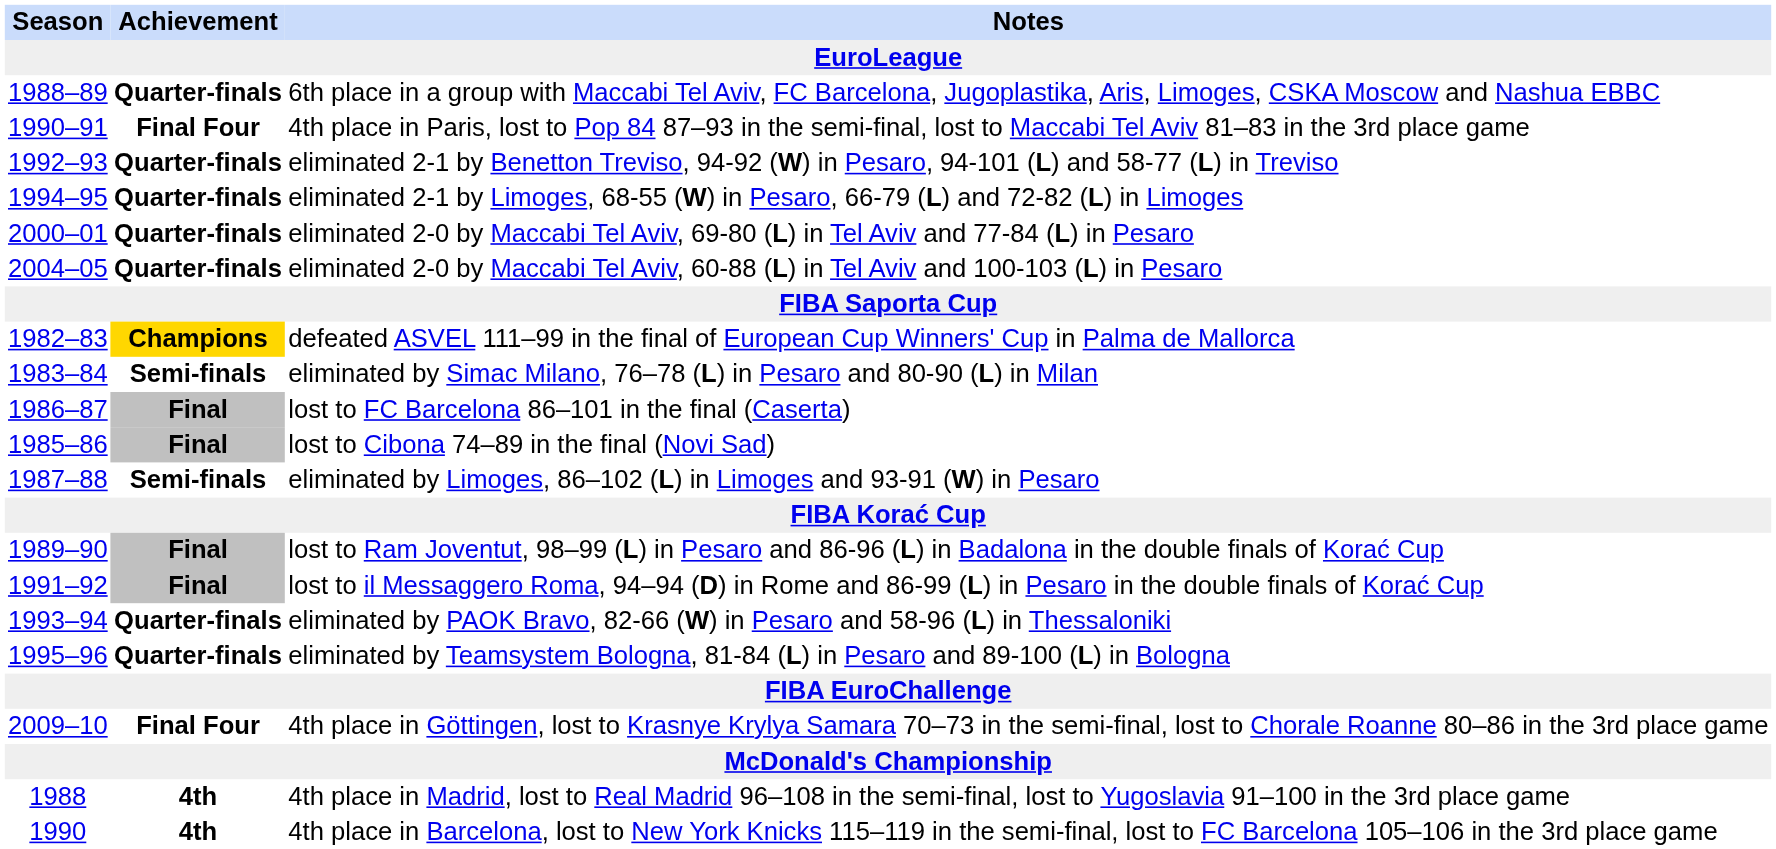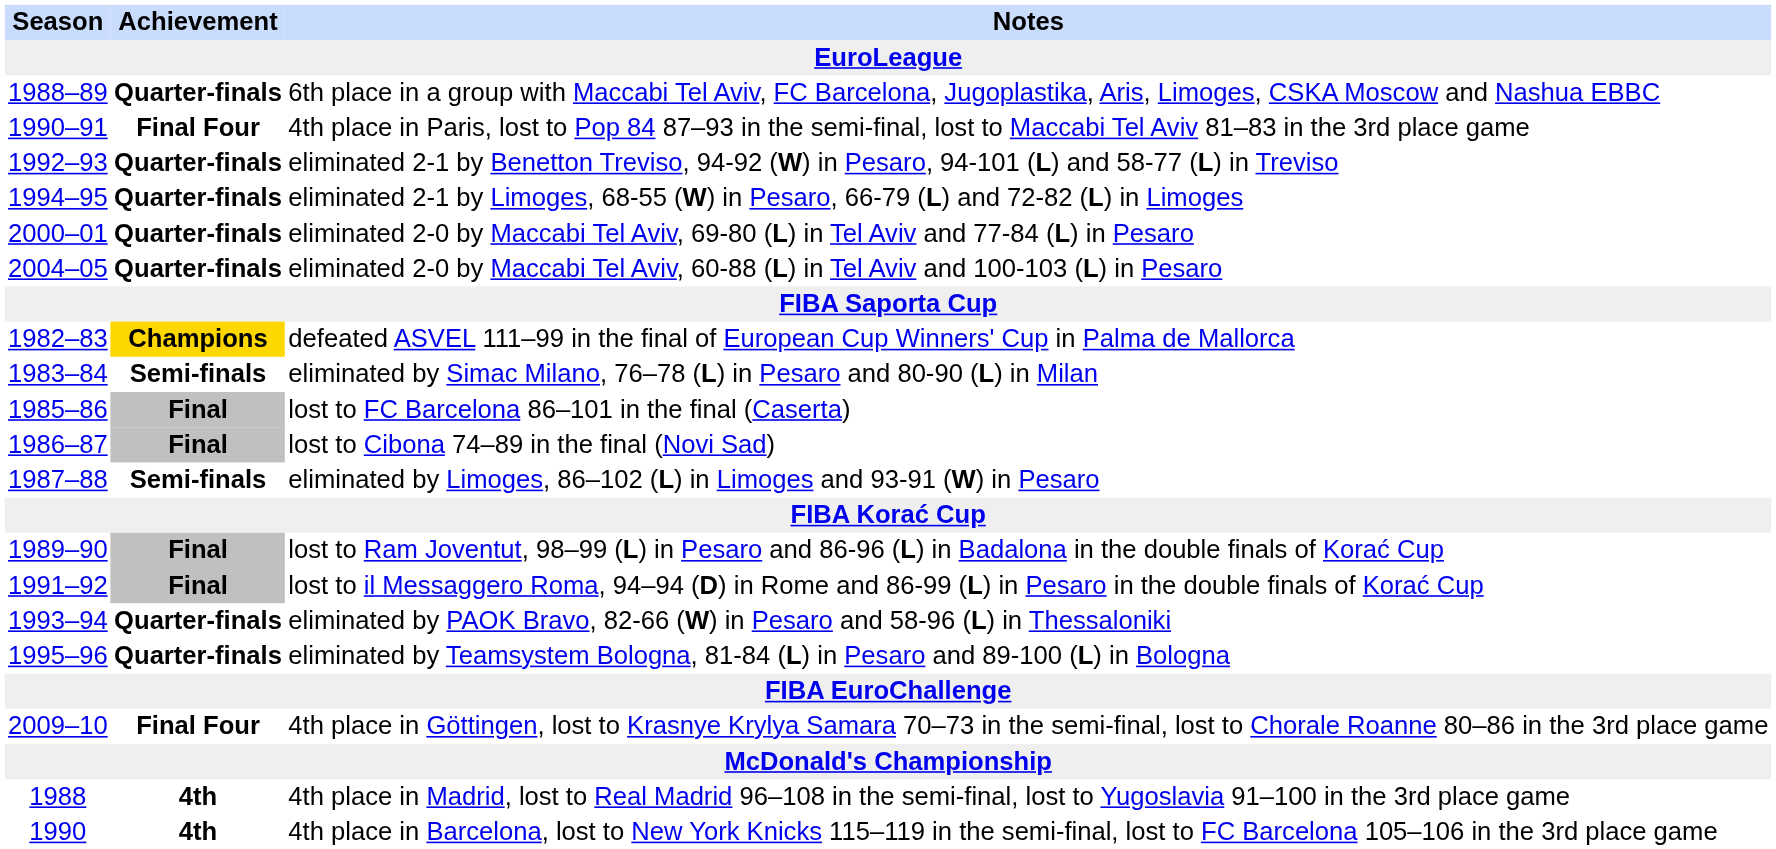 <table class="toccolours" border="0" cellpadding="2" cellspacing="0" align="left" style="margin:0.5em;">
 <tr bgcolor=#CADCFB>
 <th>Season</th>
 <th>Achievement</th>
 <th>Notes</th>
 </tr>
 <tr>
 <th colspan="4" bgcolor=#EFEFEF><a href='#'>EuroLeague</a></th>
 </tr>
 <tr>
 <td align="center"><a href='#'>1988–89</a></td>
 <td align="center"><strong>Quarter-finals</strong></td>
 <td align="left">6th place in a group with <a href='#'>Maccabi Tel Aviv</a>, <a href='#'>FC Barcelona</a>, <a href='#'>Jugoplastika</a>, <a href='#'>Aris</a>, <a href='#'>Limoges</a>, <a href='#'>CSKA Moscow</a> and <a href='#'>Nashua EBBC</a></td>
 </tr>
 <tr>
 <td align="center"><a href='#'>1990–91</a></td>
 <td align="center"><strong>Final Four</strong></td>
 <td align="left">4th place in Paris, lost to <a href='#'>Pop 84</a> 87–93 in the semi-final, lost to <a href='#'>Maccabi Tel Aviv</a> 81–83 in the 3rd place game</td>
 </tr>
 <tr>
 <td align="center"><a href='#'>1992–93</a></td>
 <td align="center"><strong>Quarter-finals</strong></td>
 <td align="left">eliminated 2-1 by <a href='#'>Benetton Treviso</a>, 94-92 (<strong>W</strong>) in <a href='#'>Pesaro</a>, 94-101 (<strong>L</strong>) and 58-77 (<strong>L</strong>) in <a href='#'>Treviso</a></td>
 </tr>
 <tr>
 <td align="center"><a href='#'>1994–95</a></td>
 <td align="center"><strong>Quarter-finals</strong></td>
 <td align="left">eliminated 2-1 by <a href='#'>Limoges</a>, 68-55 (<strong>W</strong>) in <a href='#'>Pesaro</a>, 66-79 (<strong>L</strong>) and 72-82 (<strong>L</strong>) in <a href='#'>Limoges</a></td>
 </tr>
 <tr>
 <td align="center"><a href='#'>2000–01</a></td>
 <td align="center"><strong>Quarter-finals</strong></td>
 <td align="left">eliminated 2-0 by <a href='#'>Maccabi Tel Aviv</a>, 69-80 (<strong>L</strong>) in <a href='#'>Tel Aviv</a> and 77-84 (<strong>L</strong>) in <a href='#'>Pesaro</a></td>
 </tr>
 <tr>
 <td align="center"><a href='#'>2004–05</a></td>
 <td align="center"><strong>Quarter-finals</strong></td>
 <td align="left">eliminated 2-0 by <a href='#'>Maccabi Tel Aviv</a>, 60-88 (<strong>L</strong>) in <a href='#'>Tel Aviv</a> and 100-103 (<strong>L</strong>) in <a href='#'>Pesaro</a></td>
 </tr>
 <tr>
 <th colspan="4" bgcolor=#EFEFEF><a href='#'>FIBA Saporta Cup</a></th>
 </tr>
 <tr>
 <td align="center"><a href='#'>1982–83</a></td>
 <td align="center" bgcolor="gold"><strong>Champions</strong></td>
 <td align="left">defeated <a href='#'>ASVEL</a> 111–99 in the final of <a href='#'>European Cup Winners' Cup</a> in <a href='#'>Palma de Mallorca</a></td>
 </tr>
 <tr>
 <td align="center"><a href='#'>1983–84</a></td>
 <td align="center"><strong>Semi-finals</strong></td>
 <td align="left">eliminated by <a href='#'>Simac Milano</a>, 76–78 (<strong>L</strong>) in <a href='#'>Pesaro</a> and 80-90 (<strong>L</strong>) in <a href='#'>Milan</a></td>
 </tr>
 <tr>
-<td align="center"><a href='#'>1986–87</a></td>
+<td align="center"><a href='#'>1985–86</a></td>
 <td align="center" bgcolor= silver><strong>Final</strong></td>
 <td align="left">lost to <a href='#'>FC Barcelona</a> 86–101 in the final (<a href='#'>Caserta</a>)</td>
 </tr>
 <tr>
-<td align="center"><a href='#'>1985–86</a></td>
+<td align="center"><a href='#'>1986–87</a></td>
 <td align="center" bgcolor= silver><strong>Final</strong></td>
 <td align="left">lost to <a href='#'>Cibona</a> 74–89 in the final (<a href='#'>Novi Sad</a>)</td>
 </tr>
 <tr>
 <td align="center"><a href='#'>1987–88</a></td>
 <td align="center"><strong>Semi-finals</strong></td>
 <td align="left">eliminated by <a href='#'>Limoges</a>, 86–102 (<strong>L</strong>) in <a href='#'>Limoges</a> and 93-91 (<strong>W</strong>) in <a href='#'>Pesaro</a></td>
 </tr>
 <tr>
 <th colspan="4" bgcolor=#EFEFEF><a href='#'>FIBA Korać Cup</a></th>
 </tr>
 <tr>
 <td align="center"><a href='#'>1989–90</a></td>
 <td align="center" bgcolor= silver><strong>Final</strong></td>
 <td align="left">lost to <a href='#'>Ram Joventut</a>, 98–99 (<strong>L</strong>) in <a href='#'>Pesaro</a> and 86-96 (<strong>L</strong>) in <a href='#'>Badalona</a> in the double finals of <a href='#'>Korać Cup</a></td>
 </tr>
 <tr>
 <td align="center"><a href='#'>1991–92</a></td>
 <td align="center" bgcolor= silver><strong>Final</strong></td>
 <td align="left">lost to <a href='#'>il Messaggero Roma</a>, 94–94 (<strong>D</strong>) in Rome and 86-99 (<strong>L</strong>) in <a href='#'>Pesaro</a> in the double finals of <a href='#'>Korać Cup</a></td>
 </tr>
 <tr>
 <td align="center"><a href='#'>1993–94</a></td>
 <td align="center"><strong>Quarter-finals</strong></td>
 <td align="left">eliminated by <a href='#'>PAOK Bravo</a>, 82-66 (<strong>W</strong>) in <a href='#'>Pesaro</a> and 58-96 (<strong>L</strong>) in <a href='#'>Thessaloniki</a></td>
 </tr>
 <tr>
 <td align="center"><a href='#'>1995–96</a></td>
 <td align="center"><strong>Quarter-finals</strong></td>
 <td align="left">eliminated by <a href='#'>Teamsystem Bologna</a>, 81-84 (<strong>L</strong>) in <a href='#'>Pesaro</a> and 89-100 (<strong>L</strong>) in <a href='#'>Bologna</a></td>
 </tr>
 <tr>
 <th colspan="4" bgcolor=#EFEFEF><a href='#'>FIBA EuroChallenge</a></th>
 </tr>
 <tr>
 <td align="center"><a href='#'>2009–10</a></td>
 <td align="center"><strong>Final Four</strong></td>
 <td align="left">4th place in <a href='#'>Göttingen</a>, lost to <a href='#'>Krasnye Krylya Samara</a> 70–73 in the semi-final, lost to <a href='#'>Chorale Roanne</a> 80–86 in the 3rd place game</td>
 </tr>
 <tr>
 <th colspan="4" bgcolor=#EFEFEF><a href='#'>McDonald's Championship</a></th>
 </tr>
 <tr>
 <td align="center"><a href='#'>1988</a></td>
 <td align="center"><strong>4th</strong></td>
 <td align="left">4th place in <a href='#'>Madrid</a>, lost to <a href='#'>Real Madrid</a> 96–108 in the semi-final, lost to <a href='#'>Yugoslavia</a> 91–100 in the 3rd place game</td>
 </tr>
 <tr>
 <td align="center"><a href='#'>1990</a></td>
 <td align="center"><strong>4th</strong></td>
 <td align="left">4th place in <a href='#'>Barcelona</a>, lost to <a href='#'>New York Knicks</a> 115–119 in the semi-final, lost to <a href='#'>FC Barcelona</a> 105–106 in the 3rd place game</td>
 </tr>
 </table>
